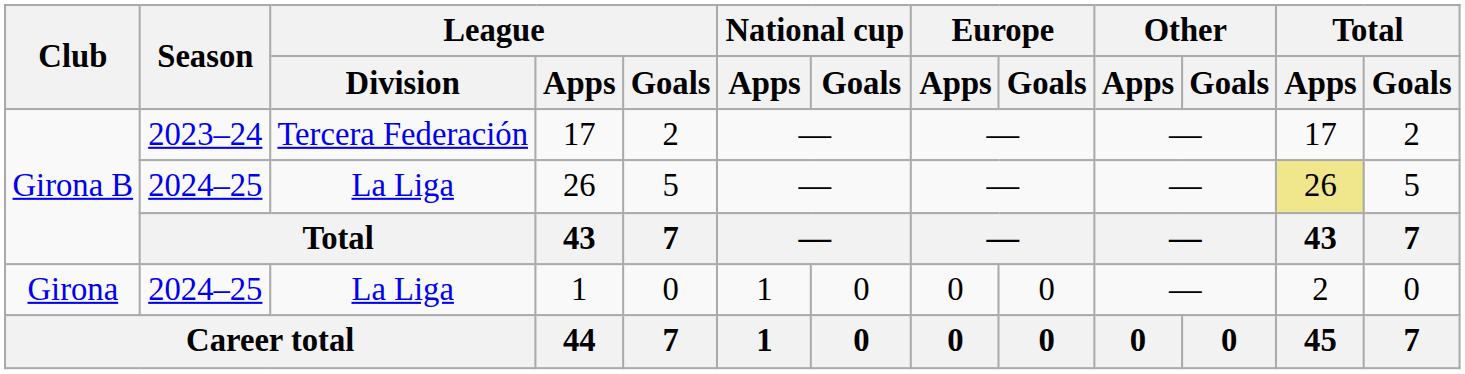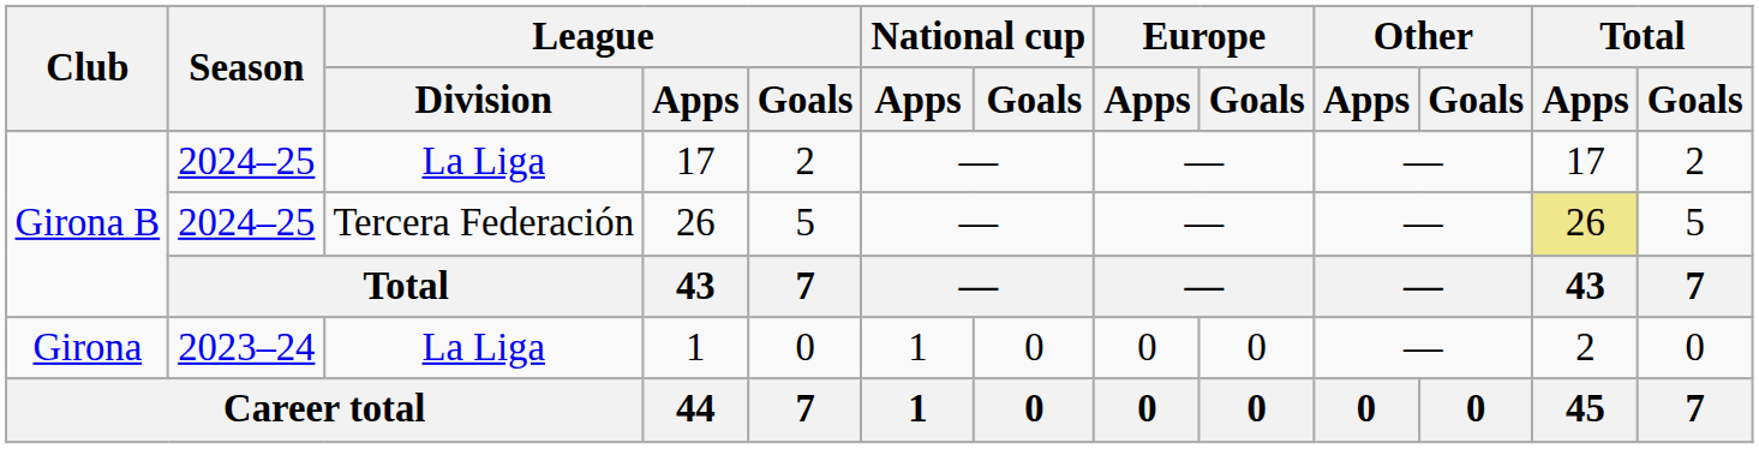 <table class="wikitable" style="text-align:center">
 <tr>
 <th rowspan="2">Club</th>
 <th rowspan="2">Season</th>
 <th colspan="3">League</th>
 <th colspan="2">National cup</th>
 <th colspan="2">Europe</th>
 <th colspan="2">Other</th>
 <th colspan="2">Total</th>
 </tr>
 <tr>
 <th>Division</th>
 <th>Apps</th>
 <th>Goals</th>
 <th>Apps</th>
 <th>Goals</th>
 <th>Apps</th>
 <th>Goals</th>
 <th>Apps</th>
 <th>Goals</th>
 <th>Apps</th>
 <th>Goals</th>
 </tr>
 <tr>
 <td rowspan="3"><a href='#'>Girona B</a></td>
-<td><a href='#'>2023–24</a></td>
-<td><a href='#'>Tercera Federación</a></td>
+<td><a href='#'>2024–25</a></td>
+<td><a href='#'>La Liga</a></td>
 <td>17</td>
 <td>2</td>
 <td colspan="2">—</td>
 <td colspan="2">—</td>
 <td colspan="2">—</td>
 <td>17</td>
 <td>2</td>
 </tr>
 <tr>
 <td><a href='#'>2024–25</a></td>
-<td><a href='#'>La Liga</a></td>
+<td>Tercera Federación</td>
 <td>26</td>
 <td>5</td>
 <td colspan="2">—</td>
 <td colspan="2">—</td>
 <td colspan="2">—</td>
 <td style="background: khaki;">26</td>
 <td>5</td>
 </tr>
 <tr>
 <th colspan="2">Total</th>
 <th>43</th>
 <th>7</th>
 <th colspan="2">—</th>
 <th colspan="2">—</th>
 <th colspan="2">—</th>
 <th>43</th>
 <th>7</th>
 </tr>
 <tr>
 <td><a href='#'>Girona</a></td>
-<td><a href='#'>2024–25</a></td>
+<td><a href='#'>2023–24</a></td>
 <td><a href='#'>La Liga</a></td>
 <td>1</td>
 <td>0</td>
 <td>1</td>
 <td>0</td>
 <td>0</td>
 <td>0</td>
 <td colspan="2">—</td>
 <td>2</td>
 <td>0</td>
 </tr>
 <tr>
 <th colspan="3">Career total</th>
 <th>44</th>
 <th>7</th>
 <th>1</th>
 <th>0</th>
 <th>0</th>
 <th>0</th>
 <th>0</th>
 <th>0</th>
 <th>45</th>
 <th>7</th>
 </tr>
 </table>
